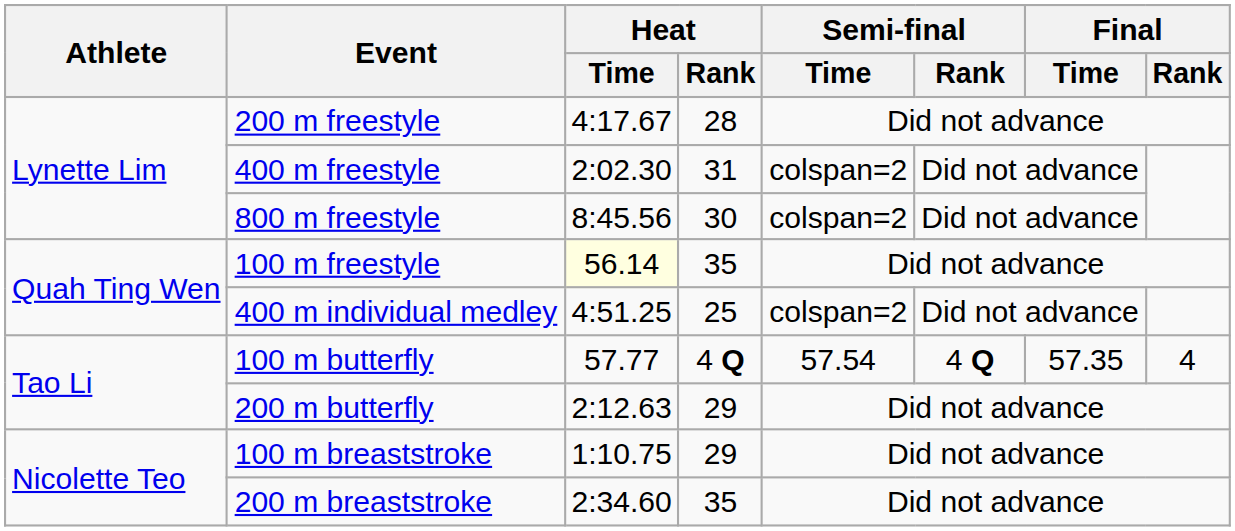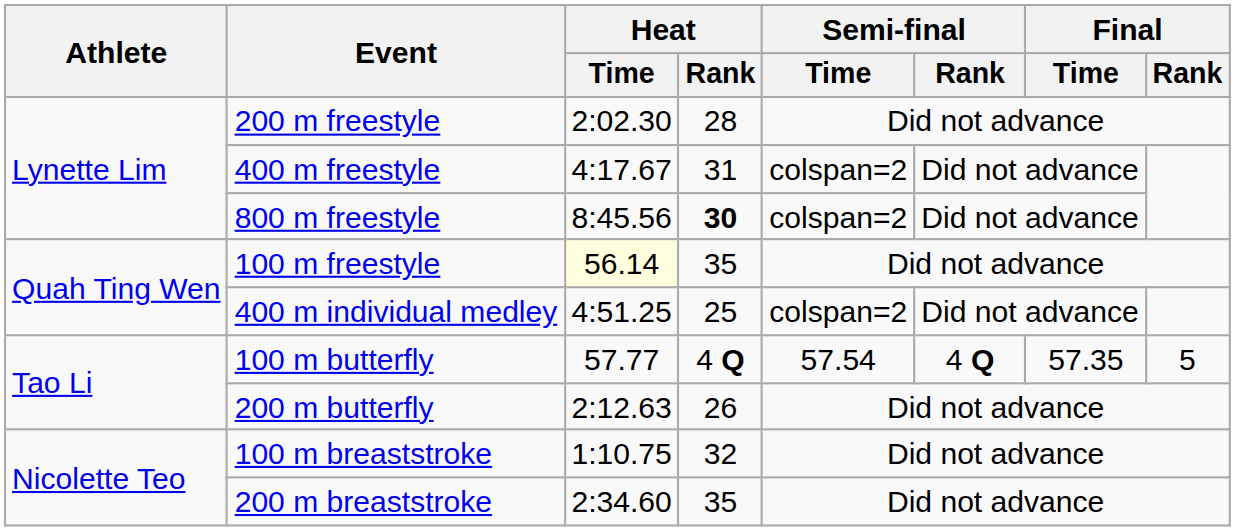 <table class=wikitable style="font-size:90%">
 <tr>
 <th rowspan="2">Athlete</th>
 <th rowspan="2">Event</th>
 <th colspan="2">Heat</th>
 <th colspan="2">Semi-final</th>
 <th colspan="2">Final</th>
 </tr>
 <tr style="font-size:95%">
 <th>Time</th>
 <th>Rank</th>
 <th>Time</th>
 <th>Rank</th>
 <th>Time</th>
 <th>Rank</th>
 </tr>
 <tr align=center>
 <td align=left rowspan=3><a href='#'>Lynette Lim</a></td>
 <td align=left><a href='#'>200 m freestyle</a></td>
-<td>4:17.67</td>
+<td>2:02.30</td>
 <td>28</td>
 <td colspan=4>Did not advance</td>
 </tr>
 <tr align=center>
 <td align=left><a href='#'>400 m freestyle</a></td>
-<td>2:02.30</td>
+<td>4:17.67</td>
 <td>31</td>
 <td>colspan=2 </td>
 <td colspan=2>Did not advance</td>
 </tr>
 <tr align=center>
 <td align=left><a href='#'>800 m freestyle</a></td>
 <td>8:45.56</td>
-<td>30</td>
+<td><strong>30</strong></td>
 <td>colspan=2 </td>
 <td colspan=2>Did not advance</td>
 </tr>
 <tr align=center>
 <td align=left rowspan=2><a href='#'>Quah Ting Wen</a></td>
 <td align=left><a href='#'>100 m freestyle</a></td>
 <td style="background: lightyellow;">56.14</td>
 <td>35</td>
 <td colspan=4>Did not advance</td>
 </tr>
 <tr align=center>
 <td align=left><a href='#'>400 m individual medley</a></td>
 <td>4:51.25</td>
 <td>25</td>
 <td>colspan=2 </td>
 <td colspan=2>Did not advance</td>
 </tr>
 <tr align=center>
 <td align=left rowspan=2><a href='#'>Tao Li</a></td>
 <td align=left><a href='#'>100 m butterfly</a></td>
 <td>57.77</td>
 <td>4 <strong>Q</strong></td>
 <td>57.54</td>
 <td>4 <strong>Q</strong></td>
 <td>57.35</td>
-<td>4</td>
+<td>5</td>
 </tr>
 <tr align=center>
 <td align=left><a href='#'>200 m butterfly</a></td>
 <td>2:12.63</td>
-<td>29</td>
+<td>26</td>
 <td colspan=4>Did not advance</td>
 </tr>
 <tr align=center>
 <td align=left rowspan=2><a href='#'>Nicolette Teo</a></td>
 <td align=left><a href='#'>100 m breaststroke</a></td>
 <td>1:10.75</td>
-<td>29</td>
+<td>32</td>
 <td colspan=4>Did not advance</td>
 </tr>
 <tr align=center>
 <td align=left><a href='#'>200 m breaststroke</a></td>
 <td>2:34.60</td>
 <td>35</td>
 <td colspan=4>Did not advance</td>
 </tr>
 </table>
